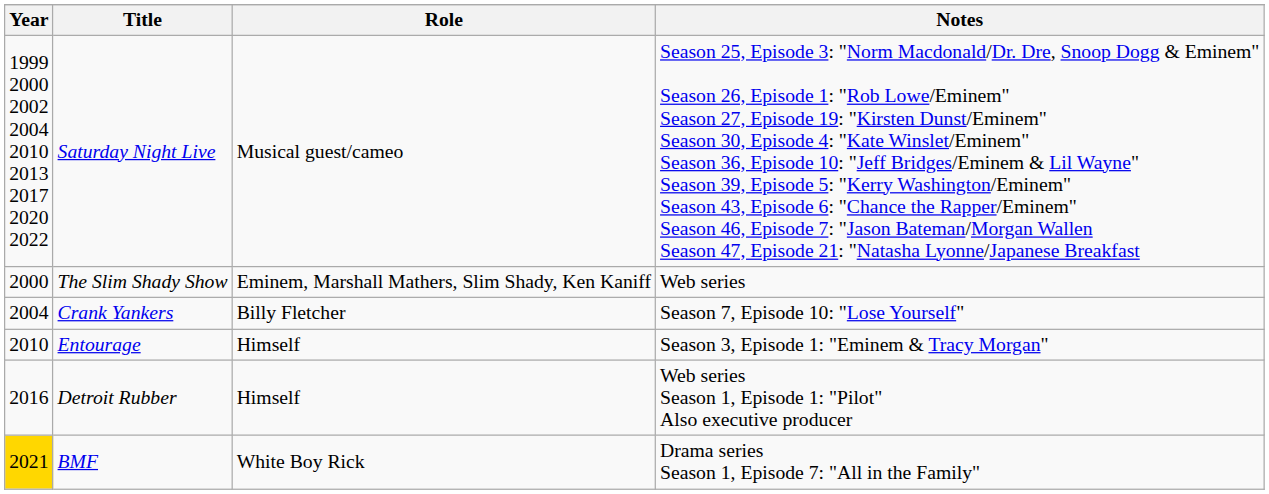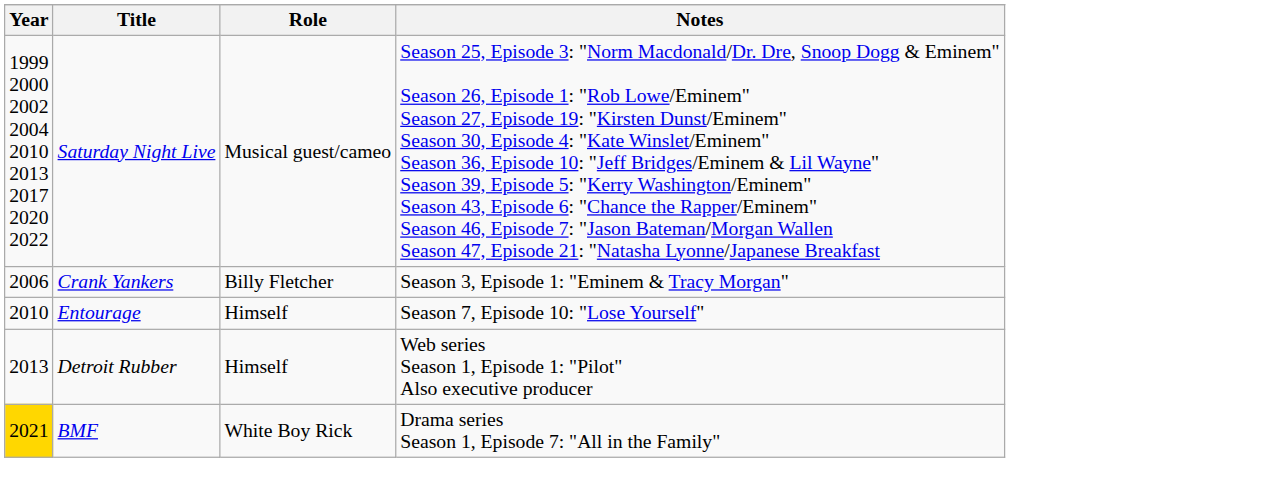 <table class="wikitable">
 <tr>
 </tr>
 <tr>
 <th>Year</th>
 <th>Title</th>
 <th>Role</th>
 <th>Notes</th>
 </tr>
 <tr>
 <td>1999<br>2000<br>2002<br>2004<br>2010<br>2013<br>2017<br>2020<br>2022</td>
 <td><em><a href='#'>Saturday Night Live</a></em></td>
 <td>Musical guest/cameo</td>
 <td><a href='#'>Season 25, Episode 3</a>: "<a href='#'>Norm Macdonald</a>/<a href='#'>Dr. Dre</a>, <a href='#'>Snoop Dogg</a> & Eminem"<br><br><a href='#'>Season 26, Episode 1</a>: "<a href='#'>Rob Lowe</a>/Eminem"<br> <a href='#'>Season 27, Episode 19</a>: "<a href='#'>Kirsten Dunst</a>/Eminem"<br> <a href='#'>Season 30, Episode 4</a>: "<a href='#'>Kate Winslet</a>/Eminem"<br> <a href='#'>Season 36, Episode 10</a>: "<a href='#'>Jeff Bridges</a>/Eminem & <a href='#'>Lil Wayne</a>"<br> <a href='#'>Season 39, Episode 5</a>: "<a href='#'>Kerry Washington</a>/Eminem"<br> <a href='#'>Season 43, Episode 6</a>: "<a href='#'>Chance the Rapper</a>/Eminem"<br> <a href='#'>Season 46, Episode 7</a>: "<a href='#'>Jason Bateman</a>/<a href='#'>Morgan Wallen</a><br> <a href='#'>Season 47, Episode 21</a>: "<a href='#'>Natasha Lyonne</a>/<a href='#'>Japanese Breakfast</a><br></td>
 </tr>
 <tr>
-<td>2000</td>
-<td><em>The Slim Shady Show</em></td>
-<td>Eminem, Marshall Mathers, Slim Shady, Ken Kaniff</td>
-<td>Web series</td>
-</tr>
-<tr>
-<td>2004</td>
+<td>2006</td>
 <td><em><a href='#'>Crank Yankers</a></em></td>
 <td>Billy Fletcher</td>
-<td>Season 7, Episode 10: "<a href='#'>Lose Yourself</a>"</td>
+<td>Season 3, Episode 1: "Eminem & <a href='#'>Tracy Morgan</a>"</td>
 </tr>
 <tr>
 <td>2010</td>
 <td><em><a href='#'>Entourage</a></em></td>
 <td>Himself</td>
-<td>Season 3, Episode 1: "Eminem & <a href='#'>Tracy Morgan</a>"</td>
+<td>Season 7, Episode 10: "<a href='#'>Lose Yourself</a>"</td>
 </tr>
 <tr>
-<td>2016</td>
+<td>2013</td>
 <td><em>Detroit Rubber</em></td>
 <td>Himself</td>
 <td>Web series<br>Season 1, Episode 1: "Pilot"<br>Also executive producer</td>
 </tr>
 <tr>
 <td style="background: gold;">2021</td>
 <td><em><a href='#'>BMF</a></em></td>
 <td>White Boy Rick</td>
 <td>Drama series<br>Season 1, Episode 7: "All in the Family"</td>
 </tr>
 </table>
